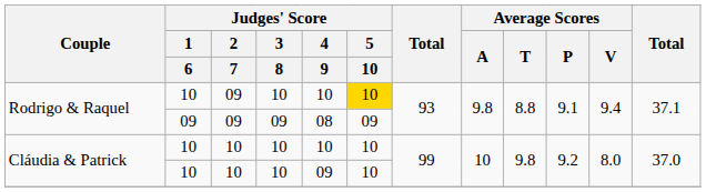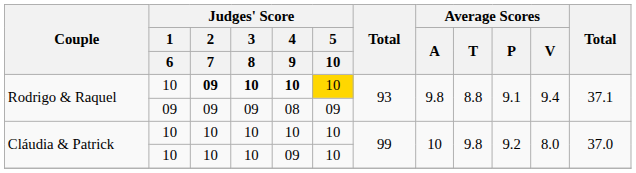 <table class="wikitable" style="text-align:center;">
 <tr>
 <th rowspan=3 width="150">Couple</th>
 <th colspan=5 width="180">Judges' Score</th>
 <th rowspan=3 width="060">Total</th>
 <th colspan=4 width="160">Average Scores</th>
 <th rowspan=3 width="060">Total</th>
 </tr>
 <tr>
 <th width="37">1</th>
 <th width="37">2</th>
 <th width="37">3</th>
 <th width="37">4</th>
 <th width="37">5</th>
 <th rowspan=2>A</th>
 <th rowspan=2>T</th>
 <th rowspan=2>P</th>
 <th rowspan=2>V</th>
 </tr>
 <tr>
 <th width="37">6</th>
 <th width="37">7</th>
 <th width="37">8</th>
 <th width="37">9</th>
 <th width="37">10</th>
 </tr>
 <tr>
 <td rowspan=2 align="left">Rodrigo & Raquel</td>
 <td>10</td>
-<td>09</td>
-<td>10</td>
-<td>10</td>
+<td><strong>09</strong></td>
+<td><strong>10</strong></td>
+<td><strong>10</strong></td>
 <td style="background: gold;">10</td>
 <td rowspan=2>93</td>
 <td rowspan=2>9.8</td>
 <td rowspan=2>8.8</td>
 <td rowspan=2>9.1</td>
 <td rowspan=2>9.4</td>
 <td rowspan=2>37.1</td>
 </tr>
 <tr>
 <td>09</td>
 <td>09</td>
 <td>09</td>
 <td>08</td>
 <td>09</td>
 </tr>
 <tr>
 <td rowspan=2 align="left">Cláudia & Patrick</td>
 <td>10</td>
 <td>10</td>
 <td>10</td>
 <td>10</td>
 <td>10</td>
 <td rowspan=2>99</td>
 <td rowspan=2>10</td>
 <td rowspan=2>9.8</td>
 <td rowspan=2>9.2</td>
 <td rowspan=2>8.0</td>
 <td rowspan=2>37.0</td>
 </tr>
 <tr>
 <td>10</td>
 <td>10</td>
 <td>10</td>
 <td>09</td>
 <td>10</td>
 </tr>
 <tr>
 </tr>
 </table>
